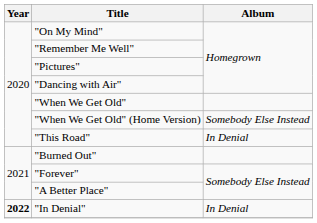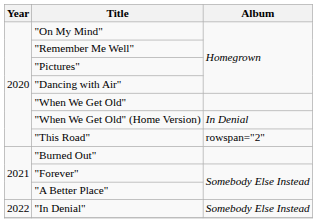 <table class="wikitable">
 <tr>
 <th>Year</th>
 <th>Title</th>
 <th>Album</th>
 </tr>
 <tr>
 <td rowspan="7">2020</td>
 <td>"On My Mind"</td>
 <td rowspan="4"><em>Homegrown</em></td>
 </tr>
 <tr>
 <td>"Remember Me Well"</td>
 </tr>
 <tr>
 <td>"Pictures"</td>
 </tr>
 <tr>
 <td>"Dancing with Air"</td>
 </tr>
 <tr>
 <td>"When We Get Old"</td>
 <td></td>
 </tr>
 <tr>
 <td>"When We Get Old" (Home Version)</td>
-<td><em>Somebody Else Instead</em></td>
+<td><em>In Denial</em></td>
 </tr>
 <tr>
 <td>"This Road"</td>
-<td><em>In Denial</em></td>
+<td>rowspan="2" </td>
 </tr>
 <tr>
 <td rowspan="3">2021</td>
 <td>"Burned Out"</td>
 </tr>
 <tr>
 <td>"Forever"</td>
 <td rowspan="2"><em>Somebody Else Instead</em></td>
 </tr>
 <tr>
 <td>"A Better Place"</td>
 </tr>
 <tr>
-<td><strong>2022</strong></td>
+<td>2022</td>
 <td>"In Denial"</td>
-<td><em>In Denial</em></td>
+<td><em>Somebody Else Instead</em></td>
 </tr>
 <tr>
 </tr>
 </table>
